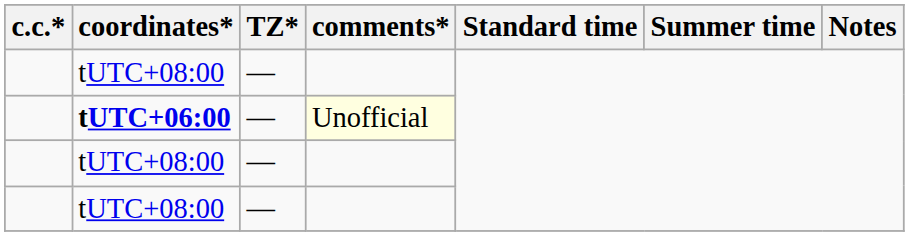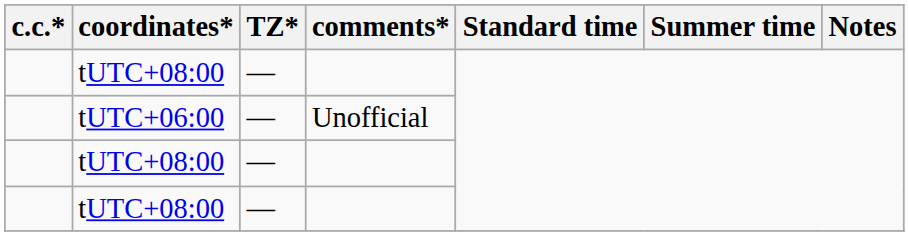 <table class="wikitable sortable">
 <tr>
 <th>c.c.*</th>
 <th>coordinates*</th>
 <th>TZ*</th>
 <th>comments*</th>
 <th>Standard time</th>
 <th>Summer time</th>
 <th>Notes</th>
 </tr>
 <tr>
 <td></td>
 <td><span>t</span><a href='#'>UTC+08:00</a></td>
 <td>—</td>
 <td></td>
 </tr>
 <tr>
 <td></td>
-<td><strong><span>t</span><a href='#'>UTC+06:00</a></strong></td>
+<td><span>t</span><a href='#'>UTC+06:00</a></td>
 <td>—</td>
-<td style="background: lightyellow;">Unofficial</td>
+<td>Unofficial</td>
 </tr>
 <tr>
 <td></td>
 <td><span>t</span><a href='#'>UTC+08:00</a></td>
 <td>—</td>
 <td></td>
 </tr>
 <tr>
 <td></td>
 <td><span>t</span><a href='#'>UTC+08:00</a></td>
 <td>—</td>
 <td></td>
 </tr>
 </table>
